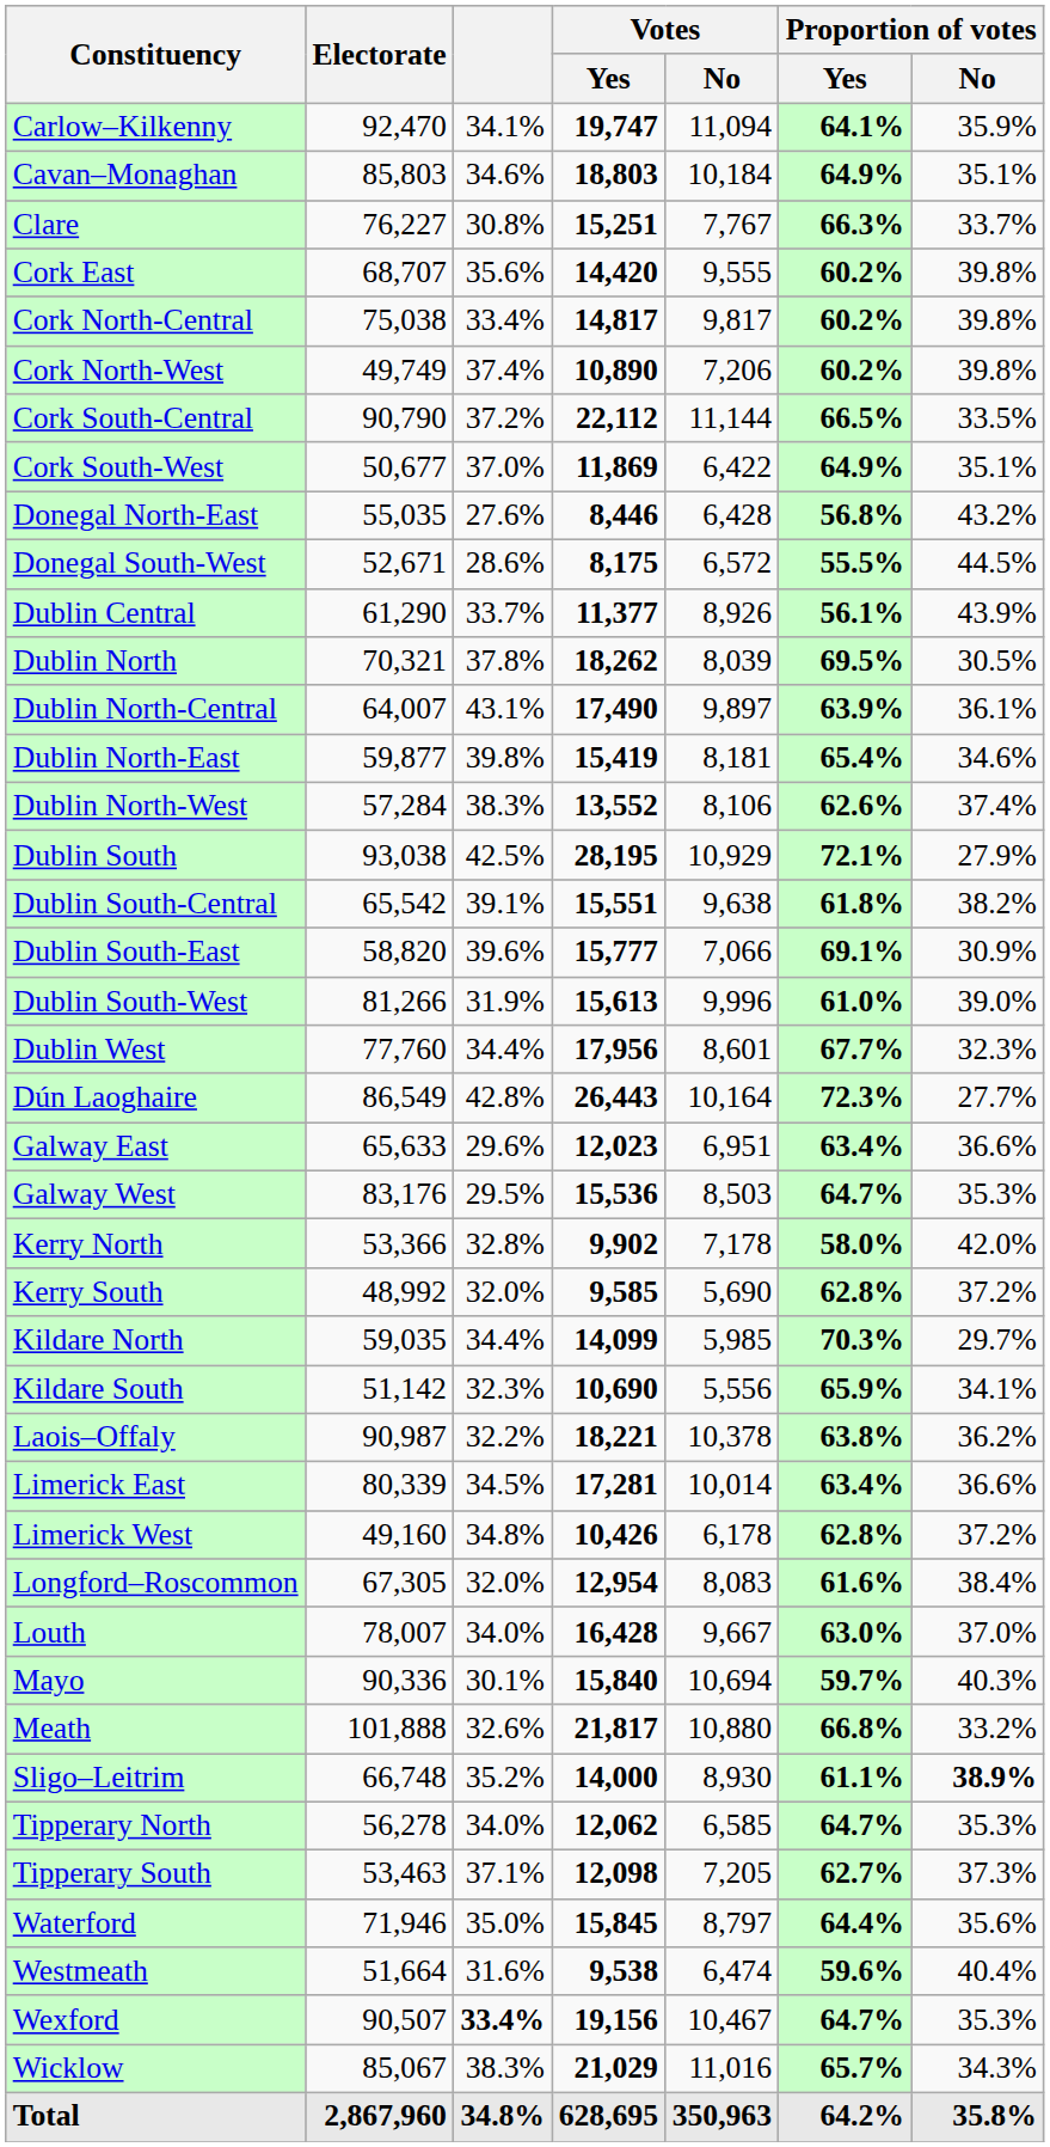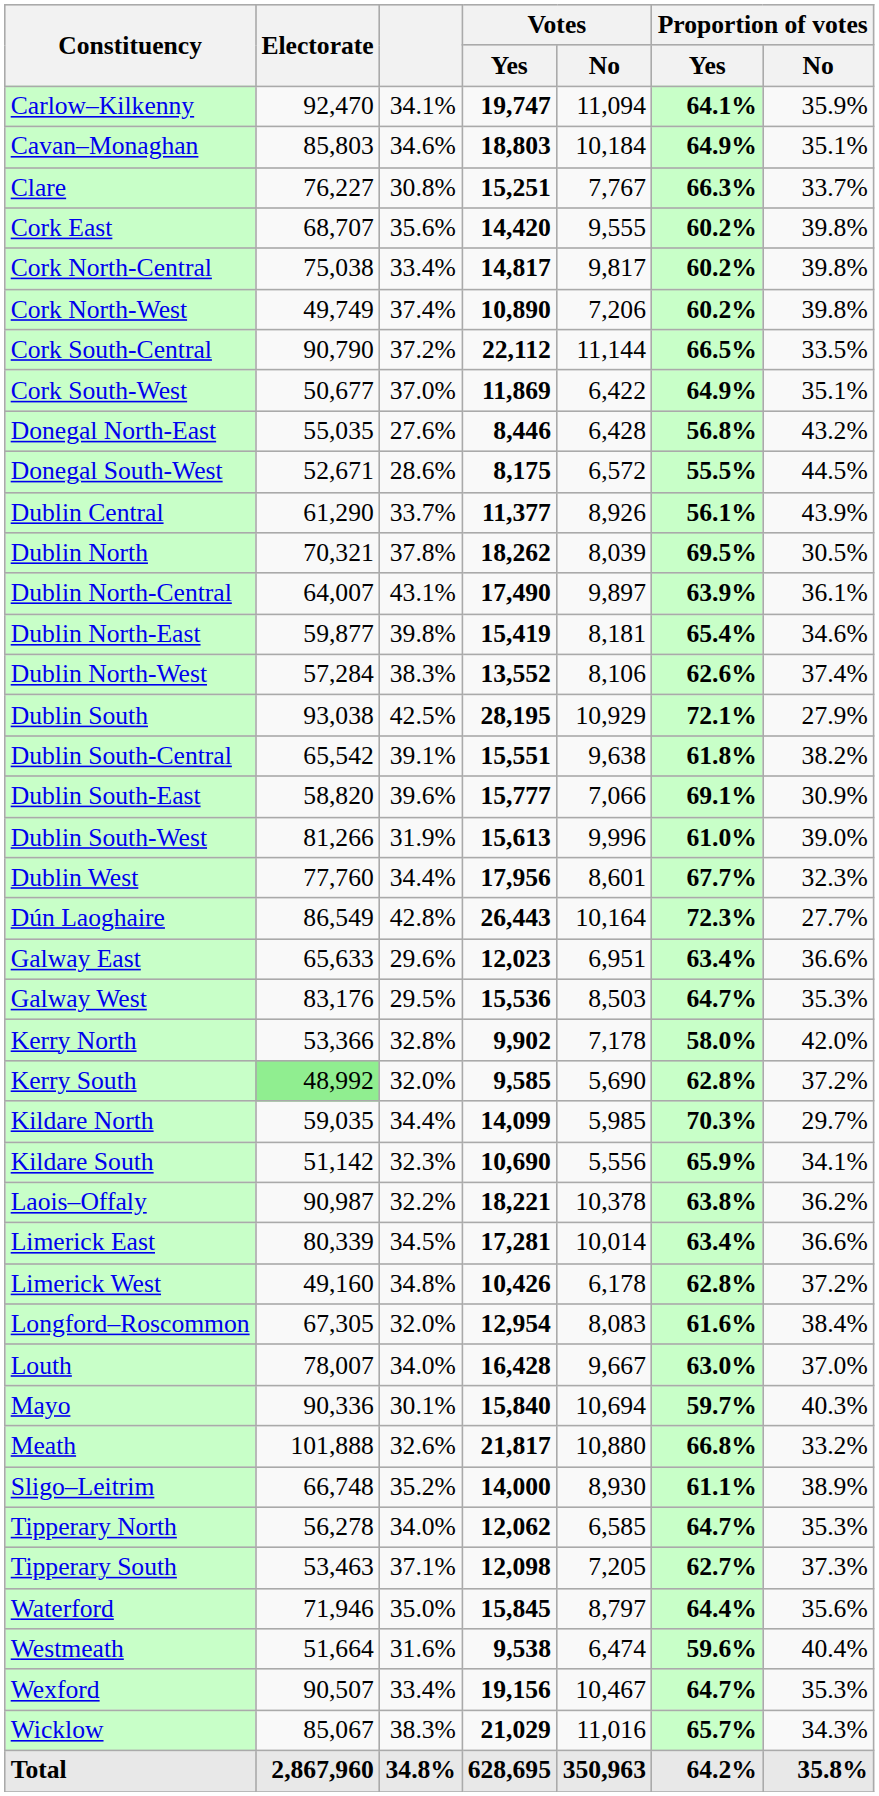 <table class="wikitable sortable">
 <tr>
 <th rowspan=2>Constituency</th>
 <th rowspan=2>Electorate</th>
 <th rowspan=2></th>
 <th colspan=2>Votes</th>
 <th colspan=2>Proportion of votes</th>
 </tr>
 <tr>
 <th>Yes</th>
 <th>No</th>
 <th>Yes</th>
 <th>No</th>
 </tr>
 <tr>
 <td style="background:#c8ffc8;"><a href='#'>Carlow–Kilkenny</a></td>
 <td style="text-align: right;">92,470</td>
 <td style="text-align: right;">34.1%</td>
 <td style="text-align: right;"><strong>19,747</strong></td>
 <td style="text-align: right;">11,094</td>
 <td style="text-align: right; background:#c8ffc8;"><strong>64.1%</strong></td>
 <td style="text-align: right;">35.9%</td>
 </tr>
 <tr>
 <td style="background:#c8ffc8;"><a href='#'>Cavan–Monaghan</a></td>
 <td style="text-align: right;">85,803</td>
 <td style="text-align: right;">34.6%</td>
 <td style="text-align: right;"><strong>18,803</strong></td>
 <td style="text-align: right;">10,184</td>
 <td style="text-align: right; background:#c8ffc8;"><strong>64.9%</strong></td>
 <td style="text-align: right;">35.1%</td>
 </tr>
 <tr>
 <td style="background:#c8ffc8;"><a href='#'>Clare</a></td>
 <td style="text-align: right;">76,227</td>
 <td style="text-align: right;">30.8%</td>
 <td style="text-align: right;"><strong>15,251</strong></td>
 <td style="text-align: right;">7,767</td>
 <td style="text-align: right; background:#c8ffc8;"><strong>66.3%</strong></td>
 <td style="text-align: right;">33.7%</td>
 </tr>
 <tr>
 <td style="background:#c8ffc8;"><a href='#'>Cork East</a></td>
 <td style="text-align: right;">68,707</td>
 <td style="text-align: right;">35.6%</td>
 <td style="text-align: right;"><strong>14,420</strong></td>
 <td style="text-align: right;">9,555</td>
 <td style="text-align: right; background:#c8ffc8;"><strong>60.2%</strong></td>
 <td style="text-align: right;">39.8%</td>
 </tr>
 <tr>
 <td style="background:#c8ffc8;"><a href='#'>Cork North-Central</a></td>
 <td style="text-align: right;">75,038</td>
 <td style="text-align: right;">33.4%</td>
 <td style="text-align: right;"><strong>14,817</strong></td>
 <td style="text-align: right;">9,817</td>
 <td style="text-align: right; background:#c8ffc8;"><strong>60.2%</strong></td>
 <td style="text-align: right;">39.8%</td>
 </tr>
 <tr>
 <td style="background:#c8ffc8;"><a href='#'>Cork North-West</a></td>
 <td style="text-align: right;">49,749</td>
 <td style="text-align: right;">37.4%</td>
 <td style="text-align: right;"><strong>10,890</strong></td>
 <td style="text-align: right;">7,206</td>
 <td style="text-align: right; background:#c8ffc8;"><strong>60.2%</strong></td>
 <td style="text-align: right;">39.8%</td>
 </tr>
 <tr>
 <td style="background:#c8ffc8;"><a href='#'>Cork South-Central</a></td>
 <td style="text-align: right;">90,790</td>
 <td style="text-align: right;">37.2%</td>
 <td style="text-align: right;"><strong>22,112</strong></td>
 <td style="text-align: right;">11,144</td>
 <td style="text-align: right; background:#c8ffc8;"><strong>66.5%</strong></td>
 <td style="text-align: right;">33.5%</td>
 </tr>
 <tr>
 <td style="background:#c8ffc8;"><a href='#'>Cork South-West</a></td>
 <td style="text-align: right;">50,677</td>
 <td style="text-align: right;">37.0%</td>
 <td style="text-align: right;"><strong>11,869</strong></td>
 <td style="text-align: right;">6,422</td>
 <td style="text-align: right; background:#c8ffc8;"><strong>64.9%</strong></td>
 <td style="text-align: right;">35.1%</td>
 </tr>
 <tr>
 <td style="background:#c8ffc8;"><a href='#'>Donegal North-East</a></td>
 <td style="text-align: right;">55,035</td>
 <td style="text-align: right;">27.6%</td>
 <td style="text-align: right;"><strong>8,446</strong></td>
 <td style="text-align: right;">6,428</td>
 <td style="text-align: right; background:#c8ffc8;"><strong>56.8%</strong></td>
 <td style="text-align: right;">43.2%</td>
 </tr>
 <tr>
 <td style="background:#c8ffc8;"><a href='#'>Donegal South-West</a></td>
 <td style="text-align: right;">52,671</td>
 <td style="text-align: right;">28.6%</td>
 <td style="text-align: right;"><strong>8,175</strong></td>
 <td style="text-align: right;">6,572</td>
 <td style="text-align: right; background:#c8ffc8;"><strong>55.5%</strong></td>
 <td style="text-align: right;">44.5%</td>
 </tr>
 <tr>
 <td style="background:#c8ffc8;"><a href='#'>Dublin Central</a></td>
 <td style="text-align: right;">61,290</td>
 <td style="text-align: right;">33.7%</td>
 <td style="text-align: right;"><strong>11,377</strong></td>
 <td style="text-align: right;">8,926</td>
 <td style="text-align: right; background:#c8ffc8;"><strong>56.1%</strong></td>
 <td style="text-align: right;">43.9%</td>
 </tr>
 <tr>
 <td style="background:#c8ffc8;"><a href='#'>Dublin North</a></td>
 <td style="text-align: right;">70,321</td>
 <td style="text-align: right;">37.8%</td>
 <td style="text-align: right;"><strong>18,262</strong></td>
 <td style="text-align: right;">8,039</td>
 <td style="text-align: right; background:#c8ffc8;"><strong>69.5%</strong></td>
 <td style="text-align: right;">30.5%</td>
 </tr>
 <tr>
 <td style="background:#c8ffc8;"><a href='#'>Dublin North-Central</a></td>
 <td style="text-align: right;">64,007</td>
 <td style="text-align: right;">43.1%</td>
 <td style="text-align: right;"><strong>17,490</strong></td>
 <td style="text-align: right;">9,897</td>
 <td style="text-align: right; background:#c8ffc8;"><strong>63.9%</strong></td>
 <td style="text-align: right;">36.1%</td>
 </tr>
 <tr>
 <td style="background:#c8ffc8;"><a href='#'>Dublin North-East</a></td>
 <td style="text-align: right;">59,877</td>
 <td style="text-align: right;">39.8%</td>
 <td style="text-align: right;"><strong>15,419</strong></td>
 <td style="text-align: right;">8,181</td>
 <td style="text-align: right; background:#c8ffc8;"><strong>65.4%</strong></td>
 <td style="text-align: right;">34.6%</td>
 </tr>
 <tr>
 <td style="background:#c8ffc8;"><a href='#'>Dublin North-West</a></td>
 <td style="text-align: right;">57,284</td>
 <td style="text-align: right;">38.3%</td>
 <td style="text-align: right;"><strong>13,552</strong></td>
 <td style="text-align: right;">8,106</td>
 <td style="text-align: right; background:#c8ffc8;"><strong>62.6%</strong></td>
 <td style="text-align: right;">37.4%</td>
 </tr>
 <tr>
 <td style="background:#c8ffc8;"><a href='#'>Dublin South</a></td>
 <td style="text-align: right;">93,038</td>
 <td style="text-align: right;">42.5%</td>
 <td style="text-align: right;"><strong>28,195</strong></td>
 <td style="text-align: right;">10,929</td>
 <td style="text-align: right; background:#c8ffc8;"><strong>72.1%</strong></td>
 <td style="text-align: right;">27.9%</td>
 </tr>
 <tr>
 <td style="background:#c8ffc8;"><a href='#'>Dublin South-Central</a></td>
 <td style="text-align: right;">65,542</td>
 <td style="text-align: right;">39.1%</td>
 <td style="text-align: right;"><strong>15,551</strong></td>
 <td style="text-align: right;">9,638</td>
 <td style="text-align: right; background:#c8ffc8;"><strong>61.8%</strong></td>
 <td style="text-align: right;">38.2%</td>
 </tr>
 <tr>
 <td style="background:#c8ffc8;"><a href='#'>Dublin South-East</a></td>
 <td style="text-align: right;">58,820</td>
 <td style="text-align: right;">39.6%</td>
 <td style="text-align: right;"><strong>15,777</strong></td>
 <td style="text-align: right;">7,066</td>
 <td style="text-align: right; background:#c8ffc8;"><strong>69.1%</strong></td>
 <td style="text-align: right;">30.9%</td>
 </tr>
 <tr>
 <td style="background:#c8ffc8;"><a href='#'>Dublin South-West</a></td>
 <td style="text-align: right;">81,266</td>
 <td style="text-align: right;">31.9%</td>
 <td style="text-align: right;"><strong>15,613</strong></td>
 <td style="text-align: right;">9,996</td>
 <td style="text-align: right; background:#c8ffc8;"><strong>61.0%</strong></td>
 <td style="text-align: right;">39.0%</td>
 </tr>
 <tr>
 <td style="background:#c8ffc8;"><a href='#'>Dublin West</a></td>
 <td style="text-align: right;">77,760</td>
 <td style="text-align: right;">34.4%</td>
 <td style="text-align: right;"><strong>17,956</strong></td>
 <td style="text-align: right;">8,601</td>
 <td style="text-align: right; background:#c8ffc8;"><strong>67.7%</strong></td>
 <td style="text-align: right;">32.3%</td>
 </tr>
 <tr>
 <td style="background:#c8ffc8;"><a href='#'>Dún Laoghaire</a></td>
 <td style="text-align: right;">86,549</td>
 <td style="text-align: right;">42.8%</td>
 <td style="text-align: right;"><strong>26,443</strong></td>
 <td style="text-align: right;">10,164</td>
 <td style="text-align: right; background:#c8ffc8;"><strong>72.3%</strong></td>
 <td style="text-align: right;">27.7%</td>
 </tr>
 <tr>
 <td style="background:#c8ffc8;"><a href='#'>Galway East</a></td>
 <td style="text-align: right;">65,633</td>
 <td style="text-align: right;">29.6%</td>
 <td style="text-align: right;"><strong>12,023</strong></td>
 <td style="text-align: right;">6,951</td>
 <td style="text-align: right; background:#c8ffc8;"><strong>63.4%</strong></td>
 <td style="text-align: right;">36.6%</td>
 </tr>
 <tr>
 <td style="background:#c8ffc8;"><a href='#'>Galway West</a></td>
 <td style="text-align: right;">83,176</td>
 <td style="text-align: right;">29.5%</td>
 <td style="text-align: right;"><strong>15,536</strong></td>
 <td style="text-align: right;">8,503</td>
 <td style="text-align: right; background:#c8ffc8;"><strong>64.7%</strong></td>
 <td style="text-align: right;">35.3%</td>
 </tr>
 <tr>
 <td style="background:#c8ffc8;"><a href='#'>Kerry North</a></td>
 <td style="text-align: right;">53,366</td>
 <td style="text-align: right;">32.8%</td>
 <td style="text-align: right;"><strong>9,902</strong></td>
 <td style="text-align: right;">7,178</td>
 <td style="text-align: right; background:#c8ffc8;"><strong>58.0%</strong></td>
 <td style="text-align: right;">42.0%</td>
 </tr>
 <tr>
 <td style="background:#c8ffc8;"><a href='#'>Kerry South</a></td>
-<td style="text-align: right;">48,992</td>
+<td style="background: lightgreen; text-align: right;">48,992</td>
 <td style="text-align: right;">32.0%</td>
 <td style="text-align: right;"><strong>9,585</strong></td>
 <td style="text-align: right;">5,690</td>
 <td style="text-align: right; background:#c8ffc8;"><strong>62.8%</strong></td>
 <td style="text-align: right;">37.2%</td>
 </tr>
 <tr>
 <td style="background:#c8ffc8;"><a href='#'>Kildare North</a></td>
 <td style="text-align: right;">59,035</td>
 <td style="text-align: right;">34.4%</td>
 <td style="text-align: right;"><strong>14,099</strong></td>
 <td style="text-align: right;">5,985</td>
 <td style="text-align: right; background:#c8ffc8;"><strong>70.3%</strong></td>
 <td style="text-align: right;">29.7%</td>
 </tr>
 <tr>
 <td style="background:#c8ffc8;"><a href='#'>Kildare South</a></td>
 <td style="text-align: right;">51,142</td>
 <td style="text-align: right;">32.3%</td>
 <td style="text-align: right;"><strong>10,690</strong></td>
 <td style="text-align: right;">5,556</td>
 <td style="text-align: right; background:#c8ffc8;"><strong>65.9%</strong></td>
 <td style="text-align: right;">34.1%</td>
 </tr>
 <tr>
 <td style="background:#c8ffc8;"><a href='#'>Laois–Offaly</a></td>
 <td style="text-align: right;">90,987</td>
 <td style="text-align: right;">32.2%</td>
 <td style="text-align: right;"><strong>18,221</strong></td>
 <td style="text-align: right;">10,378</td>
 <td style="text-align: right; background:#c8ffc8;"><strong>63.8%</strong></td>
 <td style="text-align: right;">36.2%</td>
 </tr>
 <tr>
 <td style="background:#c8ffc8;"><a href='#'>Limerick East</a></td>
 <td style="text-align: right;">80,339</td>
 <td style="text-align: right;">34.5%</td>
 <td style="text-align: right;"><strong>17,281</strong></td>
 <td style="text-align: right;">10,014</td>
 <td style="text-align: right; background:#c8ffc8;"><strong>63.4%</strong></td>
 <td style="text-align: right;">36.6%</td>
 </tr>
 <tr>
 <td style="background:#c8ffc8;"><a href='#'>Limerick West</a></td>
 <td style="text-align: right;">49,160</td>
 <td style="text-align: right;">34.8%</td>
 <td style="text-align: right;"><strong>10,426</strong></td>
 <td style="text-align: right;">6,178</td>
 <td style="text-align: right; background:#c8ffc8;"><strong>62.8%</strong></td>
 <td style="text-align: right;">37.2%</td>
 </tr>
 <tr>
 <td style="background:#c8ffc8;"><a href='#'>Longford–Roscommon</a></td>
 <td style="text-align: right;">67,305</td>
 <td style="text-align: right;">32.0%</td>
 <td style="text-align: right;"><strong>12,954</strong></td>
 <td style="text-align: right;">8,083</td>
 <td style="text-align: right; background:#c8ffc8;"><strong>61.6%</strong></td>
 <td style="text-align: right;">38.4%</td>
 </tr>
 <tr>
 <td style="background:#c8ffc8;"><a href='#'>Louth</a></td>
 <td style="text-align: right;">78,007</td>
 <td style="text-align: right;">34.0%</td>
 <td style="text-align: right;"><strong>16,428</strong></td>
 <td style="text-align: right;">9,667</td>
 <td style="text-align: right; background:#c8ffc8;"><strong>63.0%</strong></td>
 <td style="text-align: right;">37.0%</td>
 </tr>
 <tr>
 <td style="background:#c8ffc8;"><a href='#'>Mayo</a></td>
 <td style="text-align: right;">90,336</td>
 <td style="text-align: right;">30.1%</td>
 <td style="text-align: right;"><strong>15,840</strong></td>
 <td style="text-align: right;">10,694</td>
 <td style="text-align: right; background:#c8ffc8;"><strong>59.7%</strong></td>
 <td style="text-align: right;">40.3%</td>
 </tr>
 <tr>
 <td style="background:#c8ffc8;"><a href='#'>Meath</a></td>
 <td style="text-align: right;">101,888</td>
 <td style="text-align: right;">32.6%</td>
 <td style="text-align: right;"><strong>21,817</strong></td>
 <td style="text-align: right;">10,880</td>
 <td style="text-align: right; background:#c8ffc8;"><strong>66.8%</strong></td>
 <td style="text-align: right;">33.2%</td>
 </tr>
 <tr>
 <td style="background:#c8ffc8;"><a href='#'>Sligo–Leitrim</a></td>
 <td style="text-align: right;">66,748</td>
 <td style="text-align: right;">35.2%</td>
 <td style="text-align: right;"><strong>14,000</strong></td>
 <td style="text-align: right;">8,930</td>
 <td style="text-align: right; background:#c8ffc8;"><strong>61.1%</strong></td>
-<td style="text-align: right;"><strong>38.9%</strong></td>
+<td style="text-align: right;">38.9%</td>
 </tr>
 <tr>
 <td style="background:#c8ffc8;"><a href='#'>Tipperary North</a></td>
 <td style="text-align: right;">56,278</td>
 <td style="text-align: right;">34.0%</td>
 <td style="text-align: right;"><strong>12,062</strong></td>
 <td style="text-align: right;">6,585</td>
 <td style="text-align: right; background:#c8ffc8;"><strong>64.7%</strong></td>
 <td style="text-align: right;">35.3%</td>
 </tr>
 <tr>
 <td style="background:#c8ffc8;"><a href='#'>Tipperary South</a></td>
 <td style="text-align: right;">53,463</td>
 <td style="text-align: right;">37.1%</td>
 <td style="text-align: right;"><strong>12,098</strong></td>
 <td style="text-align: right;">7,205</td>
 <td style="text-align: right; background:#c8ffc8;"><strong>62.7%</strong></td>
 <td style="text-align: right;">37.3%</td>
 </tr>
 <tr>
 <td style="background:#c8ffc8;"><a href='#'>Waterford</a></td>
 <td style="text-align: right;">71,946</td>
 <td style="text-align: right;">35.0%</td>
 <td style="text-align: right;"><strong>15,845</strong></td>
 <td style="text-align: right;">8,797</td>
 <td style="text-align: right; background:#c8ffc8;"><strong>64.4%</strong></td>
 <td style="text-align: right;">35.6%</td>
 </tr>
 <tr>
 <td style="background:#c8ffc8;"><a href='#'>Westmeath</a></td>
 <td style="text-align: right;">51,664</td>
 <td style="text-align: right;">31.6%</td>
 <td style="text-align: right;"><strong>9,538</strong></td>
 <td style="text-align: right;">6,474</td>
 <td style="text-align: right; background:#c8ffc8;"><strong>59.6%</strong></td>
 <td style="text-align: right;">40.4%</td>
 </tr>
 <tr>
 <td style="background:#c8ffc8;"><a href='#'>Wexford</a></td>
 <td style="text-align: right;">90,507</td>
-<td style="text-align: right;"><strong>33.4%</strong></td>
+<td style="text-align: right;">33.4%</td>
 <td style="text-align: right;"><strong>19,156</strong></td>
 <td style="text-align: right;">10,467</td>
 <td style="text-align: right; background:#c8ffc8;"><strong>64.7%</strong></td>
 <td style="text-align: right;">35.3%</td>
 </tr>
 <tr>
 <td style="background:#c8ffc8;"><a href='#'>Wicklow</a></td>
 <td style="text-align: right;">85,067</td>
 <td style="text-align: right;">38.3%</td>
 <td style="text-align: right;"><strong>21,029</strong></td>
 <td style="text-align: right;">11,016</td>
 <td style="text-align: right; background:#c8ffc8;"><strong>65.7%</strong></td>
 <td style="text-align: right;">34.3%</td>
 </tr>
 <tr class="sortbottom" style="font-weight:bold; background:rgb(232,232,232);">
 <td>Total</td>
 <td style="text-align: right;">2,867,960</td>
 <td style="text-align: right;">34.8%</td>
 <td style="text-align: right;">628,695</td>
 <td style="text-align: right;">350,963</td>
 <td style="text-align: right;">64.2%</td>
 <td style="text-align: right;">35.8%</td>
 </tr>
 </table>
